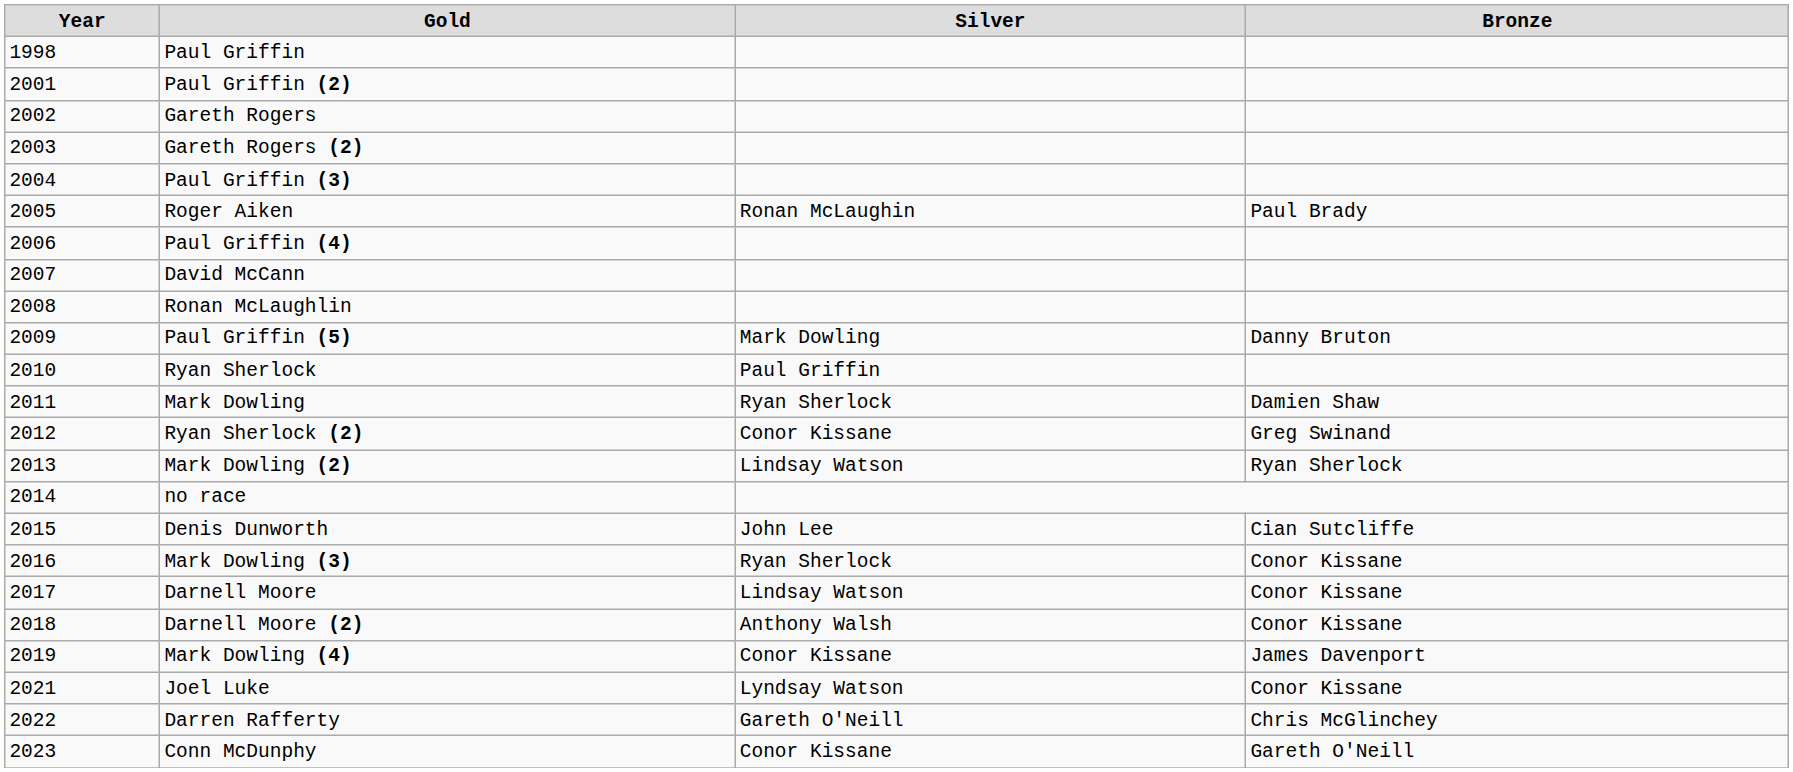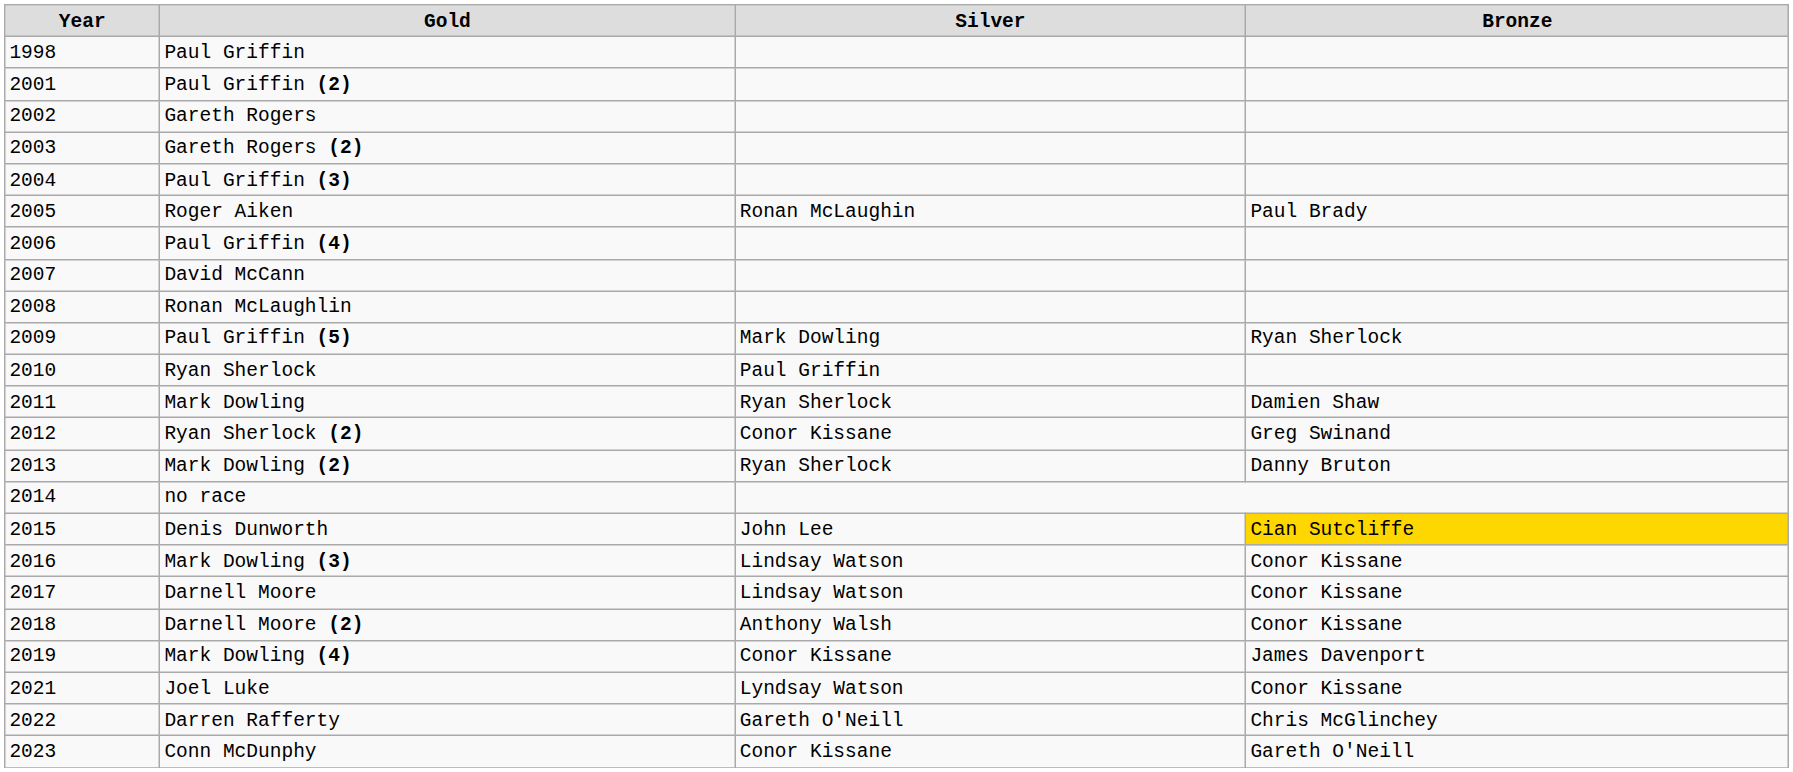 <table class="wikitable" style="width: 60%; text-align:left;">
 <tr>
 <td style="background:#DDDDDD; font-weight:bold; text-align:center;">Year</td>
 <td style="background:#DDDDDD; font-weight:bold; text-align:center;">Gold</td>
 <td style="background:#DDDDDD; font-weight:bold; text-align:center;">Silver</td>
 <td style="background:#DDDDDD; font-weight:bold; text-align:center;">Bronze</td>
 </tr>
 <tr>
 <td>1998</td>
 <td>Paul Griffin</td>
 <td></td>
 <td></td>
 </tr>
 <tr>
 <td>2001</td>
 <td>Paul Griffin <strong>(2)</strong></td>
 <td></td>
 <td></td>
 </tr>
 <tr>
 <td>2002</td>
 <td>Gareth Rogers</td>
 <td></td>
 <td></td>
 </tr>
 <tr>
 <td>2003</td>
 <td>Gareth Rogers <strong>(2)</strong></td>
 <td></td>
 <td></td>
 </tr>
 <tr>
 <td>2004</td>
 <td>Paul Griffin <strong>(3)</strong></td>
 <td></td>
 <td></td>
 </tr>
 <tr>
 <td>2005</td>
 <td>Roger Aiken</td>
 <td>Ronan McLaughin</td>
 <td>Paul Brady</td>
 </tr>
 <tr>
 <td>2006</td>
 <td>Paul Griffin <strong>(4)</strong></td>
 <td></td>
 <td></td>
 </tr>
 <tr>
 <td>2007</td>
 <td>David McCann</td>
 <td></td>
 <td></td>
 </tr>
 <tr>
 <td>2008</td>
 <td>Ronan McLaughlin</td>
 <td></td>
 <td></td>
 </tr>
 <tr>
 <td>2009</td>
 <td>Paul Griffin <strong>(5)</strong></td>
 <td>Mark Dowling</td>
-<td>Danny Bruton</td>
+<td>Ryan Sherlock</td>
 </tr>
 <tr>
 <td>2010</td>
 <td>Ryan Sherlock</td>
 <td>Paul Griffin</td>
 <td></td>
 </tr>
 <tr>
 <td>2011</td>
 <td>Mark Dowling</td>
 <td>Ryan Sherlock</td>
 <td>Damien Shaw</td>
 </tr>
 <tr>
 <td>2012</td>
 <td>Ryan Sherlock <strong>(2)</strong></td>
 <td>Conor Kissane</td>
 <td>Greg Swinand</td>
 </tr>
 <tr>
 <td>2013</td>
 <td>Mark Dowling <strong>(2)</strong></td>
-<td>Lindsay Watson</td>
 <td>Ryan Sherlock</td>
+<td>Danny Bruton</td>
 </tr>
 <tr>
 <td>2014</td>
 <td>no race</td>
 </tr>
 <tr>
 <td>2015</td>
 <td>Denis Dunworth</td>
 <td>John Lee</td>
-<td>Cian Sutcliffe</td>
+<td style="background: gold;">Cian Sutcliffe</td>
 </tr>
 <tr>
 <td>2016</td>
 <td>Mark Dowling <strong>(3)</strong></td>
-<td>Ryan Sherlock</td>
+<td>Lindsay Watson</td>
 <td>Conor Kissane</td>
 </tr>
 <tr>
 <td>2017</td>
 <td>Darnell Moore</td>
 <td>Lindsay Watson</td>
 <td>Conor Kissane</td>
 </tr>
 <tr>
 <td>2018</td>
 <td>Darnell Moore <strong>(2)</strong></td>
 <td>Anthony Walsh</td>
 <td>Conor Kissane</td>
 </tr>
 <tr>
 <td>2019</td>
 <td>Mark Dowling <strong>(4)</strong></td>
 <td>Conor Kissane</td>
 <td>James Davenport</td>
 </tr>
 <tr>
 <td>2021</td>
 <td>Joel Luke</td>
 <td>Lyndsay Watson</td>
 <td>Conor Kissane</td>
 </tr>
 <tr>
 <td>2022</td>
 <td>Darren Rafferty</td>
 <td>Gareth O'Neill</td>
 <td>Chris McGlinchey</td>
 </tr>
 <tr>
 <td>2023</td>
 <td>Conn McDunphy</td>
 <td>Conor Kissane</td>
 <td>Gareth O'Neill</td>
 </tr>
 <tr>
 </tr>
 </table>
